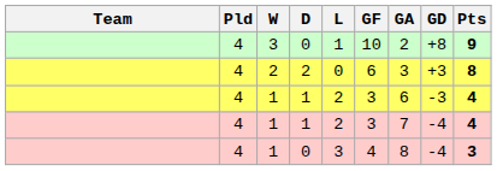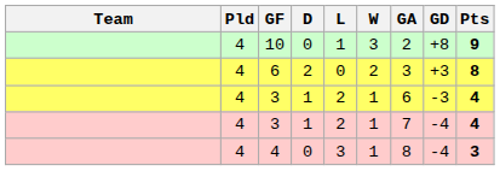 <table class="wikitable" style="text-align: center;">
 <tr>
 <th width="165">Team</th>
 <th width="20">Pld</th>
-<th width="20">W</th>
+<th width="20">GF</th>
 <th width="20">D</th>
 <th width="20">L</th>
-<th width="20">GF</th>
+<th width="20">W</th>
 <th width="20">GA</th>
 <th width="20">GD</th>
 <th width="20">Pts</th>
 </tr>
 <tr bgcolor=#ccffcc>
 <td align=left></td>
 <td>4</td>
-<td>3</td>
+<td>10</td>
 <td>0</td>
 <td>1</td>
-<td>10</td>
+<td>3</td>
 <td>2</td>
 <td>+8</td>
 <td><strong>9</strong></td>
 </tr>
 <tr bgcolor=#ffff66>
 <td align=left></td>
 <td>4</td>
-<td>2</td>
+<td>6</td>
 <td>2</td>
 <td>0</td>
-<td>6</td>
+<td>2</td>
 <td>3</td>
 <td>+3</td>
 <td><strong>8</strong></td>
 </tr>
 <tr bgcolor=#ffff66>
 <td align=left></td>
 <td>4</td>
-<td>1</td>
+<td>3</td>
 <td>1</td>
 <td>2</td>
-<td>3</td>
+<td>1</td>
 <td>6</td>
 <td>-3</td>
 <td><strong>4</strong></td>
 </tr>
 <tr bgcolor=#ffcccc>
 <td align=left></td>
 <td>4</td>
-<td>1</td>
+<td>3</td>
 <td>1</td>
 <td>2</td>
-<td>3</td>
+<td>1</td>
 <td>7</td>
 <td>-4</td>
 <td><strong>4</strong></td>
 </tr>
 <tr bgcolor=#ffcccc>
 <td align=left></td>
 <td>4</td>
-<td>1</td>
+<td>4</td>
 <td>0</td>
 <td>3</td>
-<td>4</td>
+<td>1</td>
 <td>8</td>
 <td>-4</td>
 <td><strong>3</strong></td>
 </tr>
 </table>
